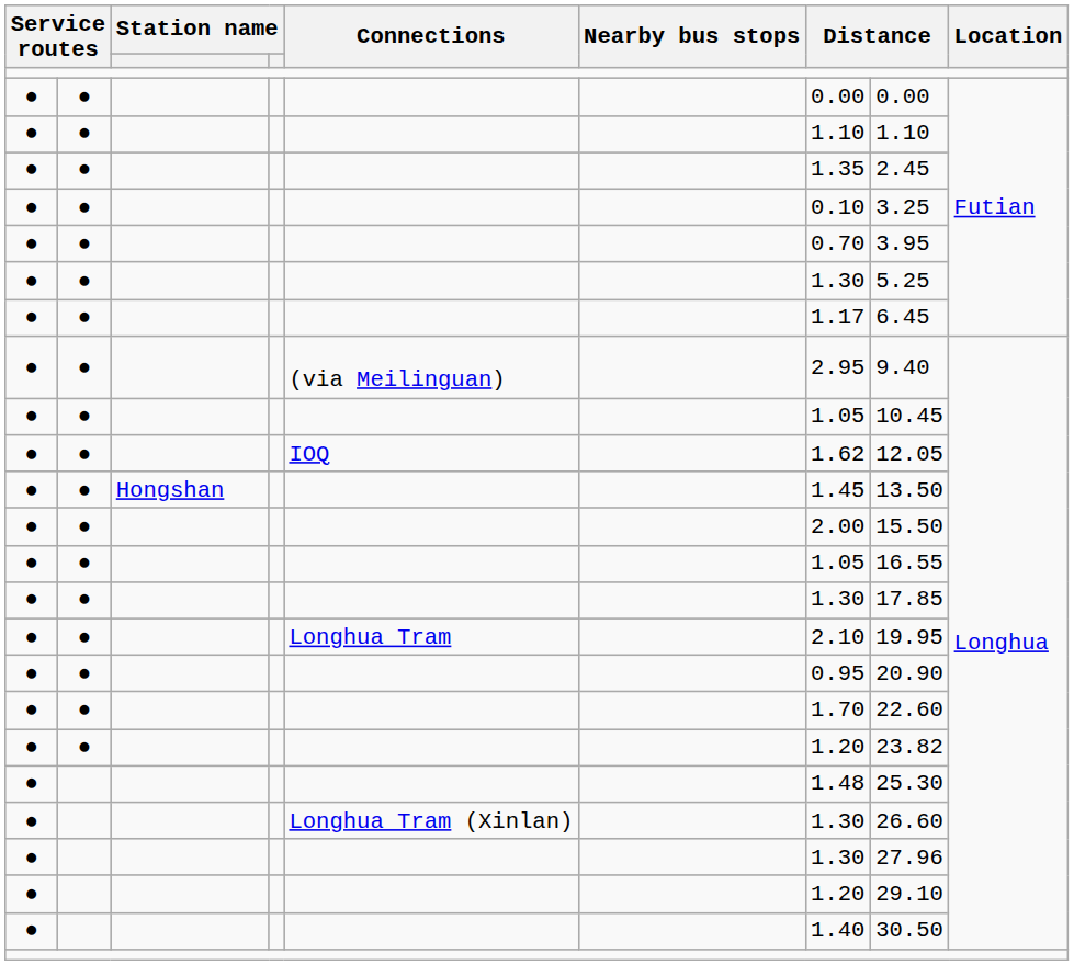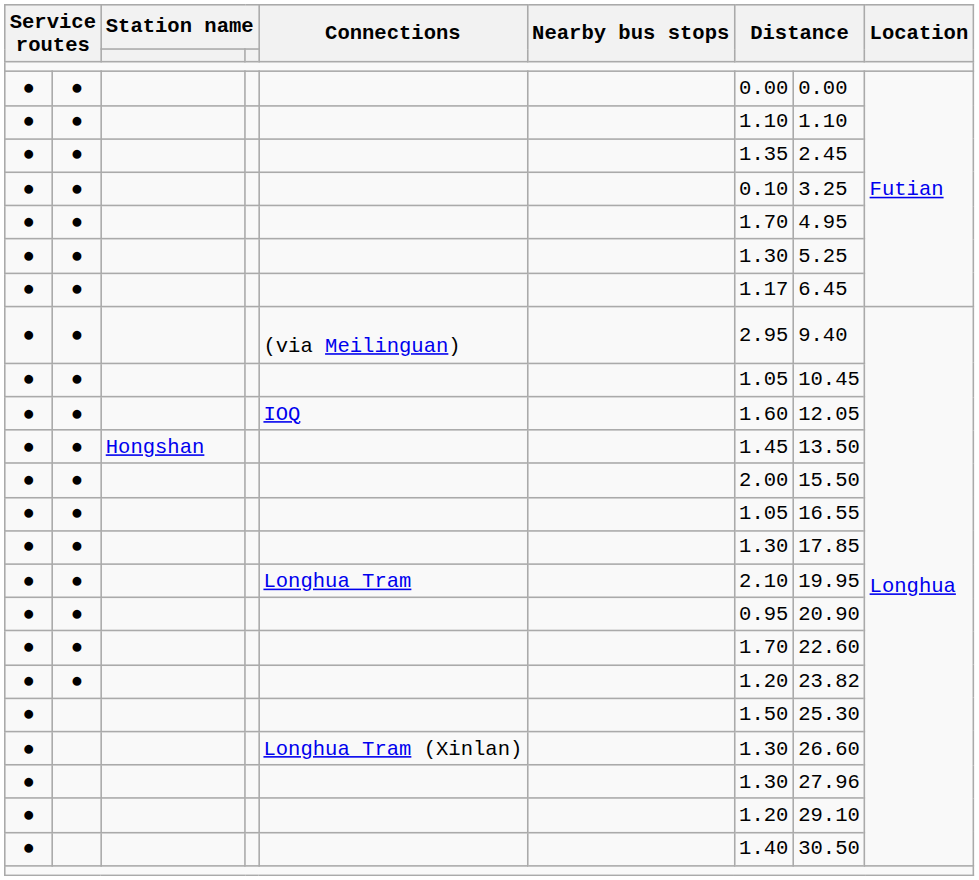 <table class="wikitable">
 <tr>
 <th rowspan="2" colspan="2">Service<br>routes</th>
 <th colspan="2">Station name</th>
 <th rowspan="2">Connections</th>
 <th rowspan="2">Nearby bus stops</th>
 <th colspan="2" rowspan="2">Distance<br></th>
 <th rowspan="2">Location</th>
 </tr>
 <tr>
 <th></th>
 <th></th>
 </tr>
 <tr style="background:#">
 <td colspan = "10"></td>
 </tr>
 <tr>
 <td align="center">●</td>
 <td align="center">●</td>
 <td></td>
 <td></td>
 <td><br> </td>
 <td></td>
 <td>0.00</td>
 <td>0.00</td>
 <td rowspan=7><a href='#'>Futian</a></td>
 </tr>
 <tr>
 <td align="center">●</td>
 <td align="center">●</td>
 <td></td>
 <td></td>
 <td> </td>
 <td></td>
 <td>1.10</td>
 <td>1.10</td>
 </tr>
 <tr>
 <td align="center">●</td>
 <td align="center">●</td>
 <td></td>
 <td></td>
 <td></td>
 <td></td>
 <td>1.35</td>
 <td>2.45</td>
 </tr>
 <tr>
 <td align="center">●</td>
 <td align="center">●</td>
 <td></td>
 <td></td>
 <td> </td>
 <td></td>
 <td>0.10</td>
 <td>3.25</td>
 </tr>
 <tr>
 <td align="center">●</td>
 <td align="center">●</td>
 <td></td>
 <td></td>
 <td></td>
 <td></td>
-<td>0.70</td>
-<td>3.95</td>
+<td>1.70</td>
+<td>4.95</td>
 </tr>
 <tr>
 <td align="center">●</td>
 <td align="center">●</td>
 <td></td>
 <td></td>
 <td></td>
 <td></td>
 <td>1.30</td>
 <td>5.25</td>
 </tr>
 <tr>
 <td align="center">●</td>
 <td align="center">●</td>
 <td></td>
 <td></td>
 <td></td>
 <td></td>
 <td>1.17</td>
 <td>6.45</td>
 </tr>
 <tr>
 <td align="center">●</td>
 <td align="center">●</td>
 <td></td>
 <td></td>
 <td><br> (via <a href='#'>Meilinguan</a>)</td>
 <td></td>
 <td>2.95</td>
 <td>9.40</td>
 <td rowspan=16><a href='#'>Longhua</a></td>
 </tr>
 <tr>
 <td align="center">●</td>
 <td align="center">●</td>
 <td></td>
 <td></td>
 <td></td>
 <td></td>
 <td>1.05</td>
 <td>10.45</td>
 </tr>
 <tr>
 <td align="center">●</td>
 <td align="center">●</td>
 <td></td>
 <td></td>
 <td>     <a href='#'>IOQ</a></td>
 <td></td>
-<td>1.62</td>
+<td>1.60</td>
 <td>12.05</td>
 </tr>
 <tr>
 <td align="center">●</td>
 <td align="center">●</td>
 <td><a href='#'>Hongshan</a></td>
 <td></td>
 <td></td>
 <td></td>
 <td>1.45</td>
 <td>13.50</td>
 </tr>
 <tr>
 <td align="center">●</td>
 <td align="center">●</td>
 <td></td>
 <td></td>
 <td></td>
 <td></td>
 <td>2.00</td>
 <td>15.50</td>
 </tr>
 <tr>
 <td align="center">●</td>
 <td align="center">●</td>
 <td></td>
 <td></td>
 <td></td>
 <td></td>
 <td>1.05</td>
 <td>16.55</td>
 </tr>
 <tr>
 <td align="center">●</td>
 <td align="center">●</td>
 <td></td>
 <td></td>
 <td></td>
 <td></td>
 <td>1.30</td>
 <td>17.85</td>
 </tr>
 <tr>
 <td align="center">●</td>
 <td align="center">●</td>
 <td></td>
 <td></td>
 <td> <a href='#'>Longhua Tram</a></td>
 <td></td>
 <td>2.10</td>
 <td>19.95</td>
 </tr>
 <tr>
 <td align="center">●</td>
 <td align="center">●</td>
 <td></td>
 <td></td>
 <td></td>
 <td></td>
 <td>0.95</td>
 <td>20.90</td>
 </tr>
 <tr>
 <td align="center">●</td>
 <td align="center">●</td>
 <td></td>
 <td></td>
 <td></td>
 <td></td>
 <td>1.70</td>
 <td>22.60</td>
 </tr>
 <tr>
 <td align="center">●</td>
 <td align="center">●</td>
 <td></td>
 <td></td>
 <td></td>
 <td></td>
 <td>1.20</td>
 <td>23.82</td>
 </tr>
 <tr>
 <td align="center">●</td>
 <td align="center"></td>
 <td></td>
 <td></td>
 <td></td>
 <td></td>
-<td>1.48</td>
+<td>1.50</td>
 <td>25.30</td>
 </tr>
 <tr>
 <td align="center">●</td>
 <td align="center"></td>
 <td></td>
 <td></td>
 <td> <a href='#'>Longhua Tram</a> (Xinlan)</td>
 <td></td>
 <td>1.30</td>
 <td>26.60</td>
 </tr>
 <tr>
 <td align="center">●</td>
 <td align="center"></td>
 <td></td>
 <td></td>
 <td></td>
 <td></td>
 <td>1.30</td>
 <td>27.96</td>
 </tr>
 <tr>
 <td align="center">●</td>
 <td align="center"></td>
 <td></td>
 <td></td>
 <td></td>
 <td></td>
 <td>1.20</td>
 <td>29.10</td>
 </tr>
 <tr>
 <td align="center">●</td>
 <td align="center"></td>
 <td></td>
 <td></td>
 <td></td>
 <td></td>
 <td>1.40</td>
 <td>30.50</td>
 </tr>
 <tr style="background:#">
 <td colspan = "10"></td>
 </tr>
 </table>
